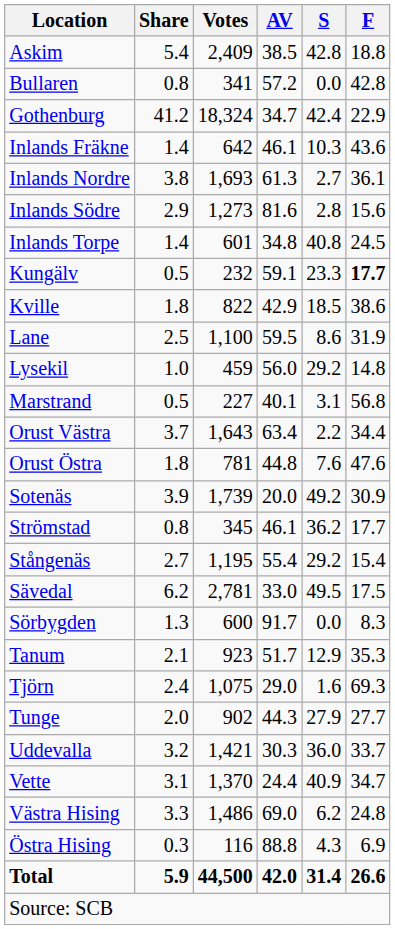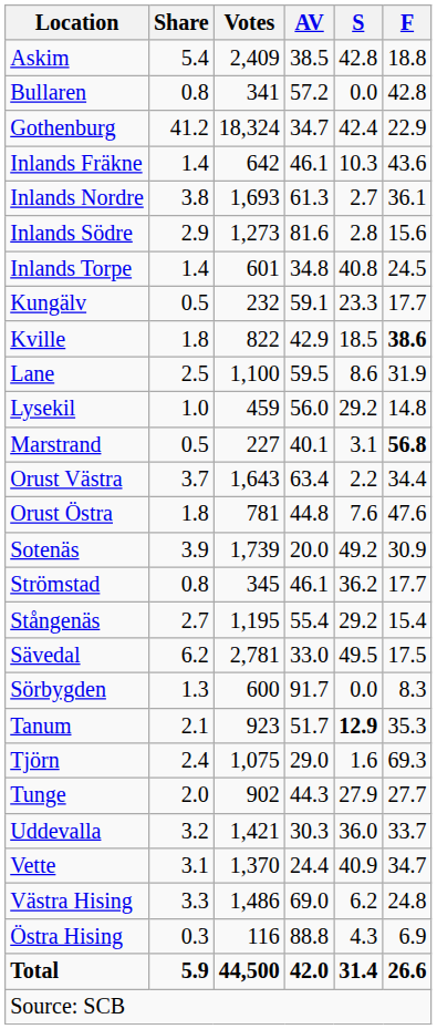 <table class="wikitable sortable" style=text-align:right>
 <tr>
 <th>Location</th>
 <th>Share</th>
 <th>Votes</th>
 <th><a href='#'>AV</a></th>
 <th><a href='#'>S</a></th>
 <th><a href='#'>F</a></th>
 </tr>
 <tr>
 <td align=left><a href='#'>Askim</a></td>
 <td>5.4</td>
 <td>2,409</td>
 <td>38.5</td>
 <td>42.8</td>
 <td>18.8</td>
 </tr>
 <tr>
 <td align=left><a href='#'>Bullaren</a></td>
 <td>0.8</td>
 <td>341</td>
 <td>57.2</td>
 <td>0.0</td>
 <td>42.8</td>
 </tr>
 <tr>
 <td align=left><a href='#'>Gothenburg</a></td>
 <td>41.2</td>
 <td>18,324</td>
 <td>34.7</td>
 <td>42.4</td>
 <td>22.9</td>
 </tr>
 <tr>
 <td align=left><a href='#'>Inlands Fräkne</a></td>
 <td>1.4</td>
 <td>642</td>
 <td>46.1</td>
 <td>10.3</td>
 <td>43.6</td>
 </tr>
 <tr>
 <td align=left><a href='#'>Inlands Nordre</a></td>
 <td>3.8</td>
 <td>1,693</td>
 <td>61.3</td>
 <td>2.7</td>
 <td>36.1</td>
 </tr>
 <tr>
 <td align=left><a href='#'>Inlands Södre</a></td>
 <td>2.9</td>
 <td>1,273</td>
 <td>81.6</td>
 <td>2.8</td>
 <td>15.6</td>
 </tr>
 <tr>
 <td align=left><a href='#'>Inlands Torpe</a></td>
 <td>1.4</td>
 <td>601</td>
 <td>34.8</td>
 <td>40.8</td>
 <td>24.5</td>
 </tr>
 <tr>
 <td align=left><a href='#'>Kungälv</a></td>
 <td>0.5</td>
 <td>232</td>
 <td>59.1</td>
 <td>23.3</td>
-<td><strong>17.7</strong></td>
+<td>17.7</td>
 </tr>
 <tr>
 <td align=left><a href='#'>Kville</a></td>
 <td>1.8</td>
 <td>822</td>
 <td>42.9</td>
 <td>18.5</td>
-<td>38.6</td>
+<td><strong>38.6</strong></td>
 </tr>
 <tr>
 <td align=left><a href='#'>Lane</a></td>
 <td>2.5</td>
 <td>1,100</td>
 <td>59.5</td>
 <td>8.6</td>
 <td>31.9</td>
 </tr>
 <tr>
 <td align=left><a href='#'>Lysekil</a></td>
 <td>1.0</td>
 <td>459</td>
 <td>56.0</td>
 <td>29.2</td>
 <td>14.8</td>
 </tr>
 <tr>
 <td align=left><a href='#'>Marstrand</a></td>
 <td>0.5</td>
 <td>227</td>
 <td>40.1</td>
 <td>3.1</td>
-<td>56.8</td>
+<td><strong>56.8</strong></td>
 </tr>
 <tr>
 <td align=left><a href='#'>Orust Västra</a></td>
 <td>3.7</td>
 <td>1,643</td>
 <td>63.4</td>
 <td>2.2</td>
 <td>34.4</td>
 </tr>
 <tr>
 <td align=left><a href='#'>Orust Östra</a></td>
 <td>1.8</td>
 <td>781</td>
 <td>44.8</td>
 <td>7.6</td>
 <td>47.6</td>
 </tr>
 <tr>
 <td align=left><a href='#'>Sotenäs</a></td>
 <td>3.9</td>
 <td>1,739</td>
 <td>20.0</td>
 <td>49.2</td>
 <td>30.9</td>
 </tr>
 <tr>
 <td align=left><a href='#'>Strömstad</a></td>
 <td>0.8</td>
 <td>345</td>
 <td>46.1</td>
 <td>36.2</td>
 <td>17.7</td>
 </tr>
 <tr>
 <td align=left><a href='#'>Stångenäs</a></td>
 <td>2.7</td>
 <td>1,195</td>
 <td>55.4</td>
 <td>29.2</td>
 <td>15.4</td>
 </tr>
 <tr>
 <td align=left><a href='#'>Sävedal</a></td>
 <td>6.2</td>
 <td>2,781</td>
 <td>33.0</td>
 <td>49.5</td>
 <td>17.5</td>
 </tr>
 <tr>
 <td align=left><a href='#'>Sörbygden</a></td>
 <td>1.3</td>
 <td>600</td>
 <td>91.7</td>
 <td>0.0</td>
 <td>8.3</td>
 </tr>
 <tr>
 <td align=left><a href='#'>Tanum</a></td>
 <td>2.1</td>
 <td>923</td>
 <td>51.7</td>
-<td>12.9</td>
+<td><strong>12.9</strong></td>
 <td>35.3</td>
 </tr>
 <tr>
 <td align=left><a href='#'>Tjörn</a></td>
 <td>2.4</td>
 <td>1,075</td>
 <td>29.0</td>
 <td>1.6</td>
 <td>69.3</td>
 </tr>
 <tr>
 <td align=left><a href='#'>Tunge</a></td>
 <td>2.0</td>
 <td>902</td>
 <td>44.3</td>
 <td>27.9</td>
 <td>27.7</td>
 </tr>
 <tr>
 <td align=left><a href='#'>Uddevalla</a></td>
 <td>3.2</td>
 <td>1,421</td>
 <td>30.3</td>
 <td>36.0</td>
 <td>33.7</td>
 </tr>
 <tr>
 <td align=left><a href='#'>Vette</a></td>
 <td>3.1</td>
 <td>1,370</td>
 <td>24.4</td>
 <td>40.9</td>
 <td>34.7</td>
 </tr>
 <tr>
 <td align=left><a href='#'>Västra Hising</a></td>
 <td>3.3</td>
 <td>1,486</td>
 <td>69.0</td>
 <td>6.2</td>
 <td>24.8</td>
 </tr>
 <tr>
 <td align=left><a href='#'>Östra Hising</a></td>
 <td>0.3</td>
 <td>116</td>
 <td>88.8</td>
 <td>4.3</td>
 <td>6.9</td>
 </tr>
 <tr>
 <td align=left><strong>Total</strong></td>
 <td><strong>5.9</strong></td>
 <td><strong>44,500</strong></td>
 <td><strong>42.0</strong></td>
 <td><strong>31.4</strong></td>
 <td><strong>26.6</strong></td>
 </tr>
 <tr>
 <td align=left colspan=6>Source: SCB </td>
 </tr>
 </table>
